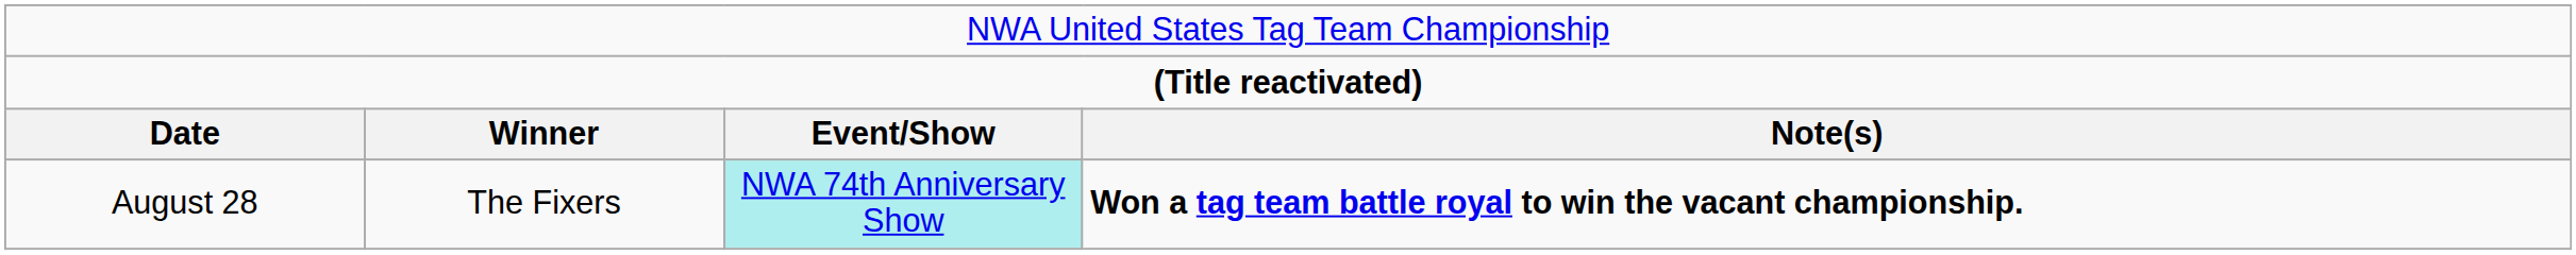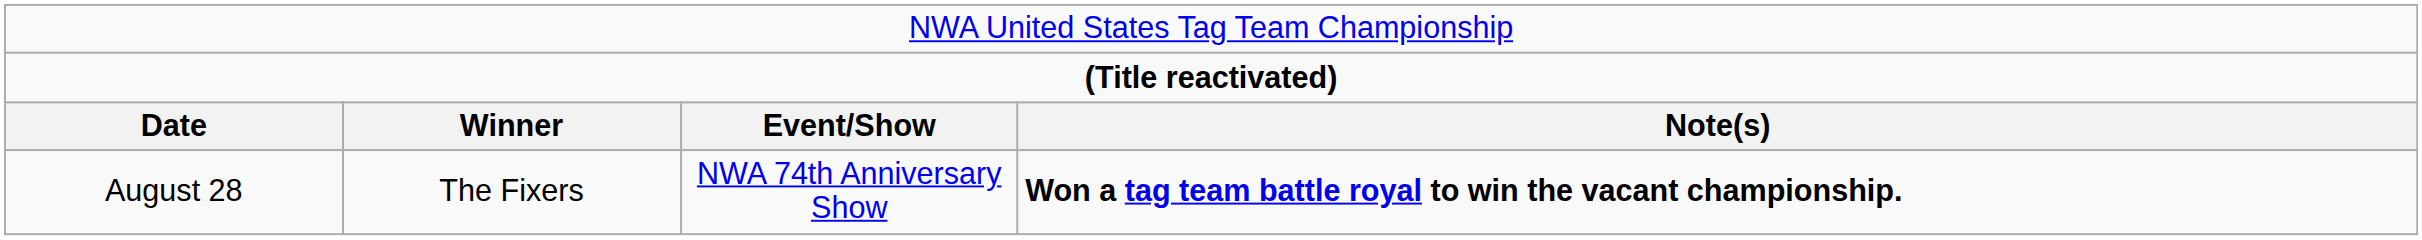 <table class="wikitable" style="text-align:center; width:100%;">
 <tr>
 <td colspan="4" style="text-align: center;"><a href='#'>NWA United States Tag Team Championship</a></td>
 </tr>
 <tr>
 <td colspan="4" style="text-align: center;"><strong>(Title reactivated)</strong></td>
 </tr>
 <tr>
 <th width=14%>Date</th>
 <th width=14%>Winner</th>
 <th width=14%>Event/Show</th>
 <th width=58%>Note(s)</th>
 </tr>
 <tr>
 <td>August 28</td>
 <td>The Fixers<br></td>
-<td style="background: paleturquoise;"><a href='#'>NWA 74th Anniversary Show</a><br></td>
+<td><a href='#'>NWA 74th Anniversary Show</a><br></td>
 <td align=left><strong>Won a <a href='#'>tag team battle royal</a> to win the vacant championship.</strong></td>
 </tr>
 </table>
